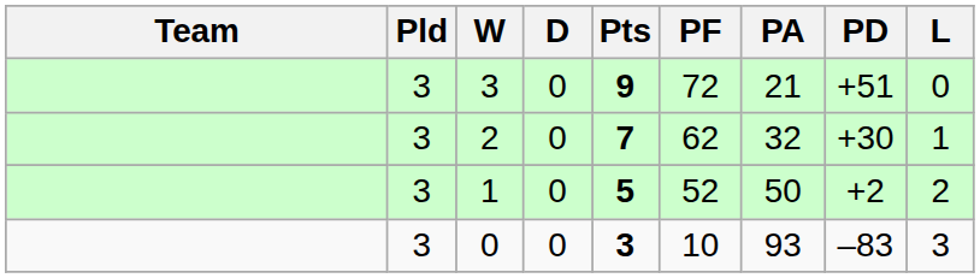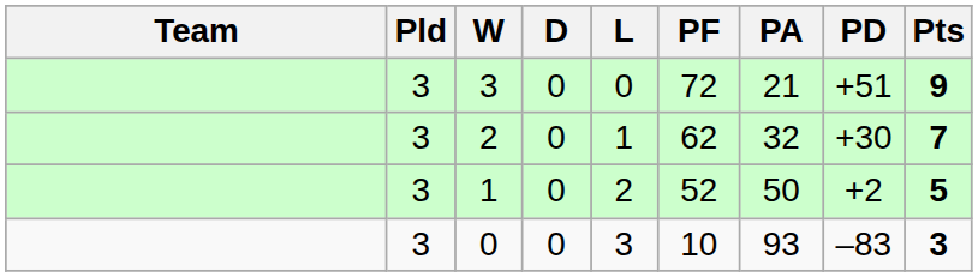 <table class="wikitable" style="text-align:center;">
 <tr>
 <th width=175>Team</th>
 <th width=25 abbr="Played">Pld</th>
 <th width=25 abbr="Won">W</th>
 <th width=25 abbr="Drawn">D</th>
-<th width=25 abbr="Points">Pts</th>
+<th width=25 abbr="Lost">L</th>
 <th width=32 abbr="Points for">PF</th>
 <th width=32 abbr="Points against">PA</th>
 <th width=32 abbr="Points difference">PD</th>
-<th width=25 abbr="Lost">L</th>
+<th width=25 abbr="Points">Pts</th>
 </tr>
 <tr bgcolor=ccffcc>
 <td align=left></td>
 <td>3</td>
 <td>3</td>
 <td>0</td>
-<td><strong>9</strong></td>
+<td>0</td>
 <td>72</td>
 <td>21</td>
 <td>+51</td>
-<td>0</td>
+<td><strong>9</strong></td>
 </tr>
 <tr bgcolor=ccffcc>
 <td align=left></td>
 <td>3</td>
 <td>2</td>
 <td>0</td>
-<td><strong>7</strong></td>
+<td>1</td>
 <td>62</td>
 <td>32</td>
 <td>+30</td>
-<td>1</td>
+<td><strong>7</strong></td>
 </tr>
 <tr bgcolor=ccffcc>
 <td align=left></td>
 <td>3</td>
 <td>1</td>
 <td>0</td>
-<td><strong>5</strong></td>
+<td>2</td>
 <td>52</td>
 <td>50</td>
 <td>+2</td>
-<td>2</td>
+<td><strong>5</strong></td>
 </tr>
 <tr>
 <td align=left></td>
 <td>3</td>
 <td>0</td>
 <td>0</td>
-<td><strong>3</strong></td>
+<td>3</td>
 <td>10</td>
 <td>93</td>
 <td>–83</td>
-<td>3</td>
+<td><strong>3</strong></td>
 </tr>
 </table>
